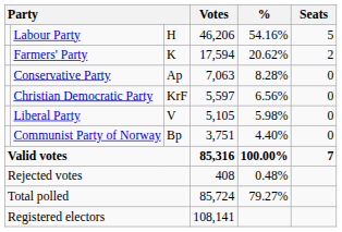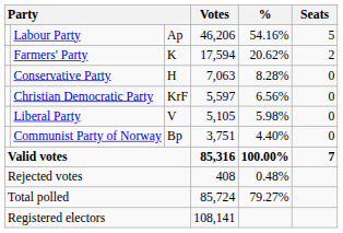 <table class="wikitable" border="1" style="text-align:right;">
 <tr>
 <th style="text-align:left;" colspan=3>Party</th>
 <th align=center width="50">Votes</th>
 <th align=center width="50">%</th>
 <th align=center width="50">Seats</th>
 </tr>
 <tr>
 <td style="color:inherit;background:"></td>
 <td align=left><a href='#'>Labour Party</a></td>
-<td align=left>H</td>
+<td align=left>Ap</td>
 <td>46,206</td>
 <td>54.16%</td>
 <td>5</td>
 </tr>
 <tr>
 <td style="color:inherit;background:"></td>
 <td align=left><a href='#'>Farmers' Party</a></td>
 <td align=left>K</td>
 <td>17,594</td>
 <td>20.62%</td>
 <td>2</td>
 </tr>
 <tr>
 <td style="color:inherit;background:"></td>
 <td align=left><a href='#'>Conservative Party</a></td>
-<td align=left>Ap</td>
+<td align=left>H</td>
 <td>7,063</td>
 <td>8.28%</td>
 <td>0</td>
 </tr>
 <tr>
 <td style="color:inherit;background:"></td>
 <td align=left><a href='#'>Christian Democratic Party</a></td>
 <td align=left>KrF</td>
 <td>5,597</td>
 <td>6.56%</td>
 <td>0</td>
 </tr>
 <tr>
 <td style="color:inherit;background:"></td>
 <td align=left><a href='#'>Liberal Party</a></td>
 <td align=left>V</td>
 <td>5,105</td>
 <td>5.98%</td>
 <td>0</td>
 </tr>
 <tr>
 <td style="color:inherit;background:"></td>
 <td align=left><a href='#'>Communist Party of Norway</a></td>
 <td align=left>Bp</td>
 <td>3,751</td>
 <td>4.40%</td>
 <td>0</td>
 </tr>
 <tr style="font-weight:bold">
 <td align=left colspan=3>Valid votes</td>
 <td>85,316</td>
 <td>100.00%</td>
 <td>7</td>
 </tr>
 <tr>
 <td align=left colspan=3>Rejected votes</td>
 <td>408</td>
 <td>0.48%</td>
 <td></td>
 </tr>
 <tr>
 <td align=left colspan=3>Total polled</td>
 <td>85,724</td>
 <td>79.27%</td>
 <td></td>
 </tr>
 <tr>
 <td align=left colspan=3>Registered electors</td>
 <td>108,141</td>
 <td></td>
 <td></td>
 </tr>
 </table>
